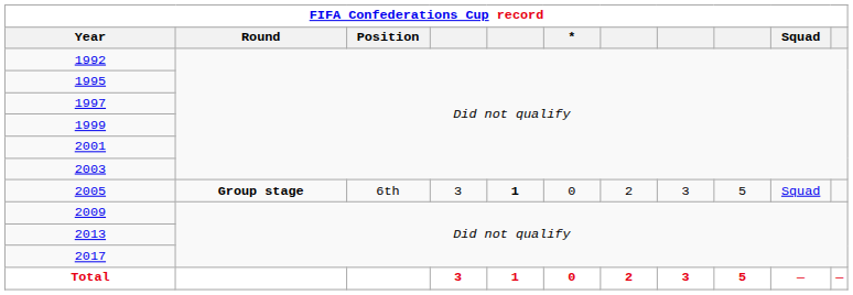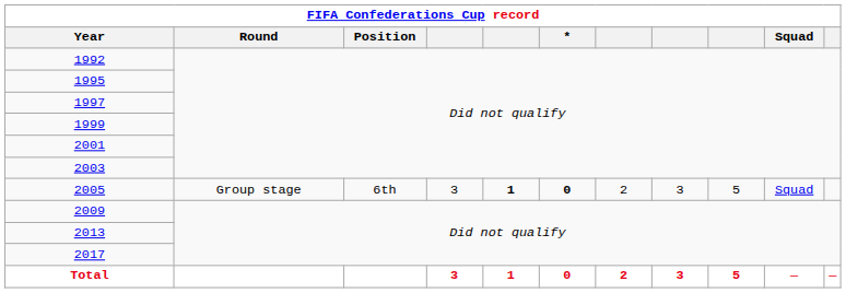 <table class="wikitable" style="font-size:90%; text-align:center;" width="60%">
 <tr>
 <th colspan="11" style="background:#FFFFFF; color:#E70013; "><a href='#'><span>FIFA Confederations Cup</span></a> record</th>
 </tr>
 <tr>
 <th width="15%">Year</th>
 <th width="15%">Round</th>
 <th width="5%">Position</th>
 <th width="5%"></th>
 <th width="5%"></th>
 <th width="5%">*</th>
 <th width="5%"></th>
 <th width="5%"></th>
 <th width="5%"></th>
 <th width="5%">Squad</th>
 <th width="1%"></th>
 </tr>
 <tr>
 <td> <a href='#'>1992</a></td>
 <td colspan="10" rowspan="6"><em>Did not qualify</em></td>
 </tr>
 <tr>
 <td> <a href='#'>1995</a></td>
 </tr>
 <tr>
 <td> <a href='#'>1997</a></td>
 </tr>
 <tr>
 <td> <a href='#'>1999</a></td>
 </tr>
 <tr>
 <td>  <a href='#'>2001</a></td>
 </tr>
 <tr>
 <td> <a href='#'>2003</a></td>
 </tr>
 <tr>
 <td> <a href='#'>2005</a></td>
-<td><strong>Group stage</strong></td>
+<td>Group stage</td>
 <td>6th</td>
 <td>3</td>
 <td><strong>1</strong></td>
-<td>0</td>
+<td><strong>0</strong></td>
 <td>2</td>
 <td>3</td>
 <td>5</td>
 <td><a href='#'>Squad</a></td>
 <td></td>
 </tr>
 <tr>
 <td> <a href='#'>2009</a></td>
 <td colspan="10" rowspan="3"><em>Did not qualify</em></td>
 </tr>
 <tr>
 <td> <a href='#'>2013</a></td>
 </tr>
 <tr>
 <td> <a href='#'>2017</a></td>
 </tr>
 <tr>
 <th style="background:#FFFFFF; color:#E70013; ">Total</th>
 <th style="background:#FFFFFF; color:#E70013; "></th>
 <th style="background:#FFFFFF; color:#E70013; "></th>
 <th style="background:#FFFFFF; color:#E70013; ">3</th>
 <th style="background:#FFFFFF; color:#E70013; ">1</th>
 <th style="background:#FFFFFF; color:#E70013; ">0</th>
 <th style="background:#FFFFFF; color:#E70013; ">2</th>
 <th style="background:#FFFFFF; color:#E70013; ">3</th>
 <th style="background:#FFFFFF; color:#E70013; ">5</th>
 <td style="background:#FFFFFF; color:#E70013; ">—</td>
 <td style="background:#FFFFFF; color:#E70013; ">—</td>
 </tr>
 </table>
